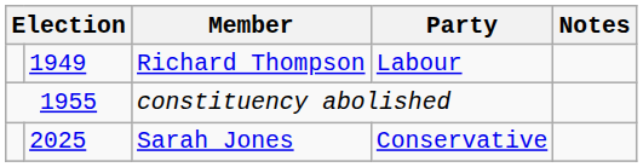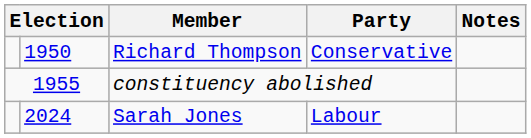 <table class="wikitable">
 <tr>
 <th colspan="2">Election</th>
 <th>Member</th>
 <th>Party</th>
 <th>Notes</th>
 </tr>
 <tr>
 <td style="color:inherit;background-color: "></td>
-<td><a href='#'>1949</a></td>
+<td><a href='#'>1950</a></td>
 <td><a href='#'>Richard Thompson</a></td>
-<td><a href='#'>Labour</a></td>
+<td><a href='#'>Conservative</a></td>
 </tr>
 <tr>
 <td colspan="2" align="center"><a href='#'>1955</a></td>
 <td colspan="2"><em>constituency abolished</em></td>
 <td></td>
 </tr>
 <tr>
 <td style="color:inherit;background-color: "></td>
-<td><a href='#'>2025</a></td>
+<td><a href='#'>2024</a></td>
 <td><a href='#'>Sarah Jones</a></td>
-<td><a href='#'>Conservative</a></td>
+<td><a href='#'>Labour</a></td>
 </tr>
 </table>
